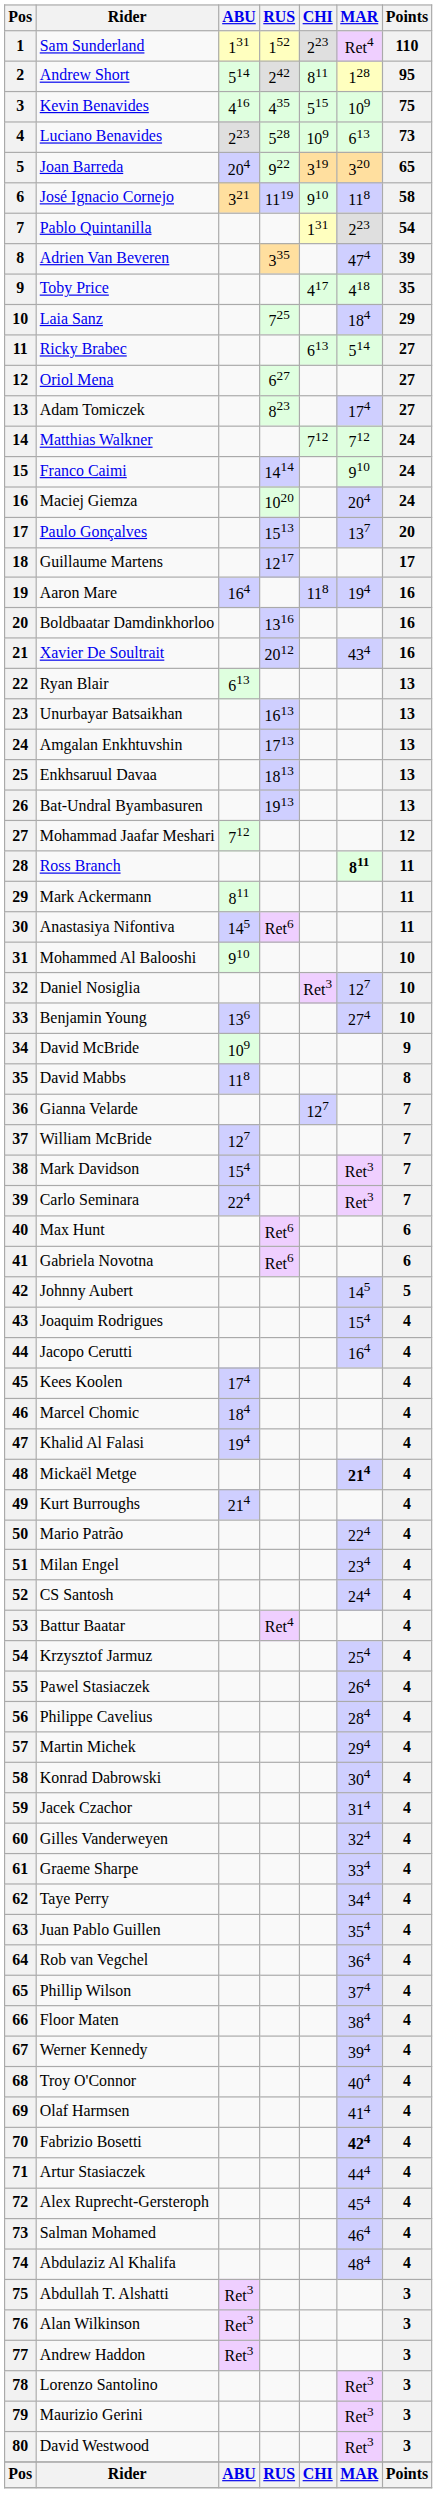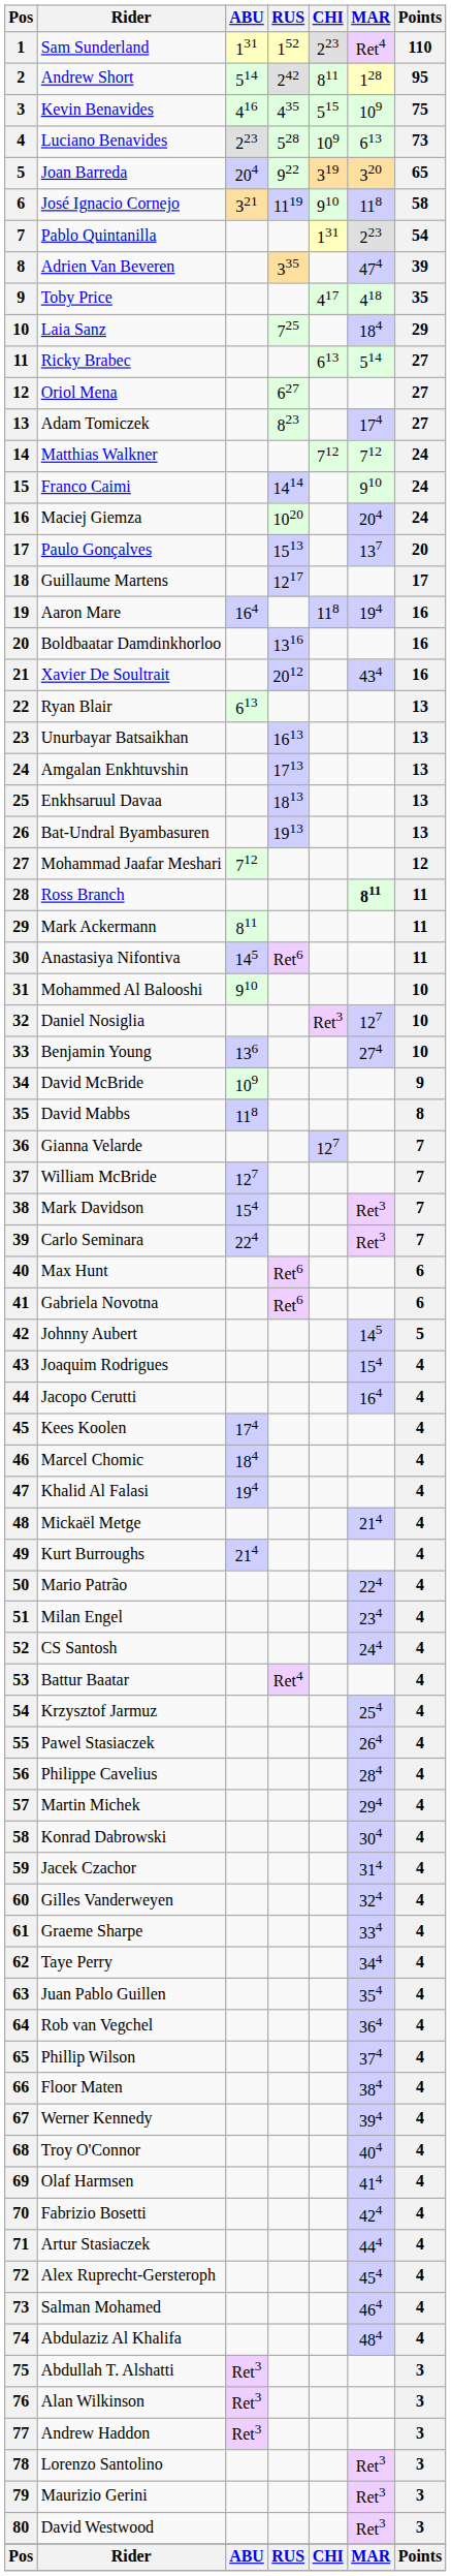 <table class="wikitable" style="font-size: 85%; text-align: center; display: inline-table;">
 <tr valign="top">
 <th valign="middle">Pos</th>
 <th valign="middle">Rider</th>
 <th><a href='#'>ABU</a><br></th>
 <th><a href='#'>RUS</a><br></th>
 <th><a href='#'>CHI</a><br></th>
 <th><a href='#'>MAR</a><br></th>
 <th valign="middle">Points</th>
 </tr>
 <tr>
 <th>1</th>
 <td align=left> <a href='#'>Sam Sunderland</a></td>
 <td style="background:#ffffbf;">1<sup>31</sup></td>
 <td style="background:#ffffbf;">1<sup>52</sup></td>
 <td style="background:#dfdfdf;">2<sup>23</sup></td>
 <td style="background:#efcfff;">Ret<sup>4</sup></td>
 <th>110</th>
 </tr>
 <tr>
 <th>2</th>
 <td align=left> <a href='#'>Andrew Short</a></td>
 <td style="background:#dfffdf;">5<sup>14</sup></td>
 <td style="background:#dfdfdf;">2<sup>42</sup></td>
 <td style="background:#dfffdf;">8<sup>11</sup></td>
 <td style="background:#ffffbf;">1<sup>28</sup></td>
 <th>95</th>
 </tr>
 <tr>
 <th>3</th>
 <td align=left> <a href='#'>Kevin Benavides</a></td>
 <td style="background:#dfffdf;">4<sup>16</sup></td>
 <td style="background:#dfffdf;">4<sup>35</sup></td>
 <td style="background:#dfffdf;">5<sup>15</sup></td>
 <td style="background:#dfffdf;">10<sup>9</sup></td>
 <th>75</th>
 </tr>
 <tr>
 <th>4</th>
 <td align=left> <a href='#'>Luciano Benavides</a></td>
 <td style="background:#dfdfdf;">2<sup>23</sup></td>
 <td style="background:#dfffdf;">5<sup>28</sup></td>
 <td style="background:#dfffdf;">10<sup>9</sup></td>
 <td style="background:#dfffdf;">6<sup>13</sup></td>
 <th>73</th>
 </tr>
 <tr>
 <th>5</th>
 <td align=left> <a href='#'>Joan Barreda</a></td>
 <td style="background:#cfcfff;">20<sup>4</sup></td>
 <td style="background:#dfffdf;">9<sup>22</sup></td>
 <td style="background:#ffdf9f;">3<sup>19</sup></td>
 <td style="background:#ffdf9f;">3<sup>20</sup></td>
 <th>65</th>
 </tr>
 <tr>
 <th>6</th>
 <td align=left> <a href='#'>José Ignacio Cornejo</a></td>
 <td style="background:#ffdf9f;">3<sup>21</sup></td>
 <td style="background:#cfcfff;">11<sup>19</sup></td>
 <td style="background:#dfffdf;">9<sup>10</sup></td>
 <td style="background:#cfcfff;">11<sup>8</sup></td>
 <th>58</th>
 </tr>
 <tr>
 <th>7</th>
 <td align=left> <a href='#'>Pablo Quintanilla</a></td>
 <td></td>
 <td></td>
 <td style="background:#ffffbf;">1<sup>31</sup></td>
 <td style="background:#dfdfdf;">2<sup>23</sup></td>
 <th>54</th>
 </tr>
 <tr>
 <th>8</th>
 <td align=left> <a href='#'>Adrien Van Beveren</a></td>
 <td></td>
 <td style="background:#ffdf9f;">3<sup>35</sup></td>
 <td></td>
 <td style="background:#cfcfff;">47<sup>4</sup></td>
 <th>39</th>
 </tr>
 <tr>
 <th>9</th>
 <td align=left> <a href='#'>Toby Price</a></td>
 <td></td>
 <td></td>
 <td style="background:#dfffdf;">4<sup>17</sup></td>
 <td style="background:#dfffdf;">4<sup>18</sup></td>
 <th>35</th>
 </tr>
 <tr>
 <th>10</th>
 <td align=left> <a href='#'>Laia Sanz</a></td>
 <td></td>
 <td style="background:#dfffdf;">7<sup>25</sup></td>
 <td></td>
 <td style="background:#cfcfff;">18<sup>4</sup></td>
 <th>29</th>
 </tr>
 <tr>
 <th>11</th>
 <td align=left> <a href='#'>Ricky Brabec</a></td>
 <td></td>
 <td></td>
 <td style="background:#dfffdf;">6<sup>13</sup></td>
 <td style="background:#dfffdf;">5<sup>14</sup></td>
 <th>27</th>
 </tr>
 <tr>
 <th>12</th>
 <td align=left> <a href='#'>Oriol Mena</a></td>
 <td></td>
 <td style="background:#dfffdf;">6<sup>27</sup></td>
 <td></td>
 <td></td>
 <th>27</th>
 </tr>
 <tr>
 <th>13</th>
 <td align=left> Adam Tomiczek</td>
 <td></td>
 <td style="background:#dfffdf;">8<sup>23</sup></td>
 <td></td>
 <td style="background:#cfcfff;">17<sup>4</sup></td>
 <th>27</th>
 </tr>
 <tr>
 <th>14</th>
 <td align=left> <a href='#'>Matthias Walkner</a></td>
 <td></td>
 <td></td>
 <td style="background:#dfffdf;">7<sup>12</sup></td>
 <td style="background:#dfffdf;">7<sup>12</sup></td>
 <th>24</th>
 </tr>
 <tr>
 <th>15</th>
 <td align=left> <a href='#'>Franco Caimi</a></td>
 <td></td>
 <td style="background:#cfcfff;">14<sup>14</sup></td>
 <td></td>
 <td style="background:#dfffdf;">9<sup>10</sup></td>
 <th>24</th>
 </tr>
 <tr>
 <th>16</th>
 <td align=left> Maciej Giemza</td>
 <td></td>
 <td style="background:#dfffdf;">10<sup>20</sup></td>
 <td></td>
 <td style="background:#cfcfff;">20<sup>4</sup></td>
 <th>24</th>
 </tr>
 <tr>
 <th>17</th>
 <td align=left> <a href='#'>Paulo Gonçalves</a></td>
 <td></td>
 <td style="background:#cfcfff;">15<sup>13</sup></td>
 <td></td>
 <td style="background:#cfcfff;">13<sup>7</sup></td>
 <th>20</th>
 </tr>
 <tr>
 <th>18</th>
 <td align=left> Guillaume Martens</td>
 <td></td>
 <td style="background:#cfcfff;">12<sup>17</sup></td>
 <td></td>
 <td></td>
 <th>17</th>
 </tr>
 <tr>
 <th>19</th>
 <td align=left> Aaron Mare</td>
 <td style="background:#cfcfff;">16<sup>4</sup></td>
 <td></td>
 <td style="background:#cfcfff;">11<sup>8</sup></td>
 <td style="background:#cfcfff;">19<sup>4</sup></td>
 <th>16</th>
 </tr>
 <tr>
 <th>20</th>
 <td align=left> Boldbaatar Damdinkhorloo</td>
 <td></td>
 <td style="background:#cfcfff;">13<sup>16</sup></td>
 <td></td>
 <td></td>
 <th>16</th>
 </tr>
 <tr>
 <th>21</th>
 <td align=left> <a href='#'>Xavier De Soultrait</a></td>
 <td></td>
 <td style="background:#cfcfff;">20<sup>12</sup></td>
 <td></td>
 <td style="background:#cfcfff;">43<sup>4</sup></td>
 <th>16</th>
 </tr>
 <tr>
 <th>22</th>
 <td align=left> Ryan Blair</td>
 <td style="background:#dfffdf;">6<sup>13</sup></td>
 <td></td>
 <td></td>
 <td></td>
 <th>13</th>
 </tr>
 <tr>
 <th>23</th>
 <td align=left> Unurbayar Batsaikhan</td>
 <td></td>
 <td style="background:#cfcfff;">16<sup>13</sup></td>
 <td></td>
 <td></td>
 <th>13</th>
 </tr>
 <tr>
 <th>24</th>
 <td align=left> Amgalan Enkhtuvshin</td>
 <td></td>
 <td style="background:#cfcfff;">17<sup>13</sup></td>
 <td></td>
 <td></td>
 <th>13</th>
 </tr>
 <tr>
 <th>25</th>
 <td align=left> Enkhsaruul Davaa</td>
 <td></td>
 <td style="background:#cfcfff;">18<sup>13</sup></td>
 <td></td>
 <td></td>
 <th>13</th>
 </tr>
 <tr>
 <th>26</th>
 <td align=left> Bat-Undral Byambasuren</td>
 <td></td>
 <td style="background:#cfcfff;">19<sup>13</sup></td>
 <td></td>
 <td></td>
 <th>13</th>
 </tr>
 <tr>
 <th>27</th>
 <td align=left> Mohammad Jaafar Meshari</td>
 <td style="background:#dfffdf;">7<sup>12</sup></td>
 <td></td>
 <td></td>
 <td></td>
 <th>12</th>
 </tr>
 <tr>
 <th>28</th>
 <td align=left> <a href='#'>Ross Branch</a></td>
 <td></td>
 <td></td>
 <td></td>
 <td style="background:#dfffdf;"><strong>8<sup>11</sup></strong></td>
 <th>11</th>
 </tr>
 <tr>
 <th>29</th>
 <td align=left> Mark Ackermann</td>
 <td style="background:#dfffdf;">8<sup>11</sup></td>
 <td></td>
 <td></td>
 <td></td>
 <th>11</th>
 </tr>
 <tr>
 <th>30</th>
 <td align=left> Anastasiya Nifontiva</td>
 <td style="background:#cfcfff;">14<sup>5</sup></td>
 <td style="background:#efcfff;">Ret<sup>6</sup></td>
 <td></td>
 <td></td>
 <th>11</th>
 </tr>
 <tr>
 <th>31</th>
 <td align=left> Mohammed Al Balooshi</td>
 <td style="background:#dfffdf;">9<sup>10</sup></td>
 <td></td>
 <td></td>
 <td></td>
 <th>10</th>
 </tr>
 <tr>
 <th>32</th>
 <td align=left> Daniel Nosiglia</td>
 <td></td>
 <td></td>
 <td style="background:#efcfff;">Ret<sup>3</sup></td>
 <td style="background:#cfcfff;">12<sup>7</sup></td>
 <th>10</th>
 </tr>
 <tr>
 <th>33</th>
 <td align=left> Benjamin Young</td>
 <td style="background:#cfcfff;">13<sup>6</sup></td>
 <td></td>
 <td></td>
 <td style="background:#cfcfff;">27<sup>4</sup></td>
 <th>10</th>
 </tr>
 <tr>
 <th>34</th>
 <td align=left> David McBride</td>
 <td style="background:#dfffdf;">10<sup>9</sup></td>
 <td></td>
 <td></td>
 <td></td>
 <th>9</th>
 </tr>
 <tr>
 <th>35</th>
 <td align=left> David Mabbs</td>
 <td style="background:#cfcfff;">11<sup>8</sup></td>
 <td></td>
 <td></td>
 <td></td>
 <th>8</th>
 </tr>
 <tr>
 <th>36</th>
 <td align=left> Gianna Velarde</td>
 <td></td>
 <td></td>
 <td style="background:#cfcfff;">12<sup>7</sup></td>
 <td></td>
 <th>7</th>
 </tr>
 <tr>
 <th>37</th>
 <td align=left> William McBride</td>
 <td style="background:#cfcfff;">12<sup>7</sup></td>
 <td></td>
 <td></td>
 <td></td>
 <th>7</th>
 </tr>
 <tr>
 <th>38</th>
 <td align=left> Mark Davidson</td>
 <td style="background:#cfcfff;">15<sup>4</sup></td>
 <td></td>
 <td></td>
 <td style="background:#efcfff;">Ret<sup>3</sup></td>
 <th>7</th>
 </tr>
 <tr>
 <th>39</th>
 <td align=left> Carlo Seminara</td>
 <td style="background:#cfcfff;">22<sup>4</sup></td>
 <td></td>
 <td></td>
 <td style="background:#efcfff;">Ret<sup>3</sup></td>
 <th>7</th>
 </tr>
 <tr>
 <th>40</th>
 <td align=left> Max Hunt</td>
 <td></td>
 <td style="background:#efcfff;">Ret<sup>6</sup></td>
 <td></td>
 <td></td>
 <th>6</th>
 </tr>
 <tr>
 <th>41</th>
 <td align=left> Gabriela Novotna</td>
 <td></td>
 <td style="background:#efcfff;">Ret<sup>6</sup></td>
 <td></td>
 <td></td>
 <th>6</th>
 </tr>
 <tr>
 <th>42</th>
 <td align=left> Johnny Aubert</td>
 <td></td>
 <td></td>
 <td></td>
 <td style="background:#cfcfff;">14<sup>5</sup></td>
 <th>5</th>
 </tr>
 <tr>
 <th>43</th>
 <td align=left> Joaquim Rodrigues</td>
 <td></td>
 <td></td>
 <td></td>
 <td style="background:#cfcfff;">15<sup>4</sup></td>
 <th>4</th>
 </tr>
 <tr>
 <th>44</th>
 <td align=left> Jacopo Cerutti</td>
 <td></td>
 <td></td>
 <td></td>
 <td style="background:#cfcfff;">16<sup>4</sup></td>
 <th>4</th>
 </tr>
 <tr>
 <th>45</th>
 <td align=left> Kees Koolen</td>
 <td style="background:#cfcfff;">17<sup>4</sup></td>
 <td></td>
 <td></td>
 <td></td>
 <th>4</th>
 </tr>
 <tr>
 <th>46</th>
 <td align=left> Marcel Chomic</td>
 <td style="background:#cfcfff;">18<sup>4</sup></td>
 <td></td>
 <td></td>
 <td></td>
 <th>4</th>
 </tr>
 <tr>
 <th>47</th>
 <td align=left> Khalid Al Falasi</td>
 <td style="background:#cfcfff;">19<sup>4</sup></td>
 <td></td>
 <td></td>
 <td></td>
 <th>4</th>
 </tr>
 <tr>
 <th>48</th>
 <td align=left> Mickaël Metge</td>
 <td></td>
 <td></td>
 <td></td>
-<td style="background:#cfcfff;"><strong>21<sup>4</sup></strong></td>
+<td style="background:#cfcfff;">21<sup>4</sup></td>
 <th>4</th>
 </tr>
 <tr>
 <th>49</th>
 <td align=left> Kurt Burroughs</td>
 <td style="background:#cfcfff;">21<sup>4</sup></td>
 <td></td>
 <td></td>
 <td></td>
 <th>4</th>
 </tr>
 <tr>
 <th>50</th>
 <td align=left> Mario Patrão</td>
 <td></td>
 <td></td>
 <td></td>
 <td style="background:#cfcfff;">22<sup>4</sup></td>
 <th>4</th>
 </tr>
 <tr>
 <th>51</th>
 <td align=left> Milan Engel</td>
 <td></td>
 <td></td>
 <td></td>
 <td style="background:#cfcfff;">23<sup>4</sup></td>
 <th>4</th>
 </tr>
 <tr>
 <th>52</th>
 <td align=left> CS Santosh</td>
 <td></td>
 <td></td>
 <td></td>
 <td style="background:#cfcfff;">24<sup>4</sup></td>
 <th>4</th>
 </tr>
 <tr>
 <th>53</th>
 <td align=left> Battur Baatar</td>
 <td></td>
 <td style="background:#efcfff;">Ret<sup>4</sup></td>
 <td></td>
 <td></td>
 <th>4</th>
 </tr>
 <tr>
 <th>54</th>
 <td align=left> Krzysztof Jarmuz</td>
 <td></td>
 <td></td>
 <td></td>
 <td style="background:#cfcfff;">25<sup>4</sup></td>
 <th>4</th>
 </tr>
 <tr>
 <th>55</th>
 <td align=left> Pawel Stasiaczek</td>
 <td></td>
 <td></td>
 <td></td>
 <td style="background:#cfcfff;">26<sup>4</sup></td>
 <th>4</th>
 </tr>
 <tr>
 <th>56</th>
 <td align=left> Philippe Cavelius</td>
 <td></td>
 <td></td>
 <td></td>
 <td style="background:#cfcfff;">28<sup>4</sup></td>
 <th>4</th>
 </tr>
 <tr>
 <th>57</th>
 <td align=left> Martin Michek</td>
 <td></td>
 <td></td>
 <td></td>
 <td style="background:#cfcfff;">29<sup>4</sup></td>
 <th>4</th>
 </tr>
 <tr>
 <th>58</th>
 <td align=left> Konrad Dabrowski</td>
 <td></td>
 <td></td>
 <td></td>
 <td style="background:#cfcfff;">30<sup>4</sup></td>
 <th>4</th>
 </tr>
 <tr>
 <th>59</th>
 <td align=left> Jacek Czachor</td>
 <td></td>
 <td></td>
 <td></td>
 <td style="background:#cfcfff;">31<sup>4</sup></td>
 <th>4</th>
 </tr>
 <tr>
 <th>60</th>
 <td align=left> Gilles Vanderweyen</td>
 <td></td>
 <td></td>
 <td></td>
 <td style="background:#cfcfff;">32<sup>4</sup></td>
 <th>4</th>
 </tr>
 <tr>
 <th>61</th>
 <td align=left> Graeme Sharpe</td>
 <td></td>
 <td></td>
 <td></td>
 <td style="background:#cfcfff;">33<sup>4</sup></td>
 <th>4</th>
 </tr>
 <tr>
 <th>62</th>
 <td align=left> Taye Perry</td>
 <td></td>
 <td></td>
 <td></td>
 <td style="background:#cfcfff;">34<sup>4</sup></td>
 <th>4</th>
 </tr>
 <tr>
 <th>63</th>
 <td align=left> Juan Pablo Guillen</td>
 <td></td>
 <td></td>
 <td></td>
 <td style="background:#cfcfff;">35<sup>4</sup></td>
 <th>4</th>
 </tr>
 <tr>
 <th>64</th>
 <td align=left> Rob van Vegchel</td>
 <td></td>
 <td></td>
 <td></td>
 <td style="background:#cfcfff;">36<sup>4</sup></td>
 <th>4</th>
 </tr>
 <tr>
 <th>65</th>
 <td align=left> Phillip Wilson</td>
 <td></td>
 <td></td>
 <td></td>
 <td style="background:#cfcfff;">37<sup>4</sup></td>
 <th>4</th>
 </tr>
 <tr>
 <th>66</th>
 <td align=left> Floor Maten</td>
 <td></td>
 <td></td>
 <td></td>
 <td style="background:#cfcfff;">38<sup>4</sup></td>
 <th>4</th>
 </tr>
 <tr>
 <th>67</th>
 <td align=left> Werner Kennedy</td>
 <td></td>
 <td></td>
 <td></td>
 <td style="background:#cfcfff;">39<sup>4</sup></td>
 <th>4</th>
 </tr>
 <tr>
 <th>68</th>
 <td align=left> Troy O'Connor</td>
 <td></td>
 <td></td>
 <td></td>
 <td style="background:#cfcfff;">40<sup>4</sup></td>
 <th>4</th>
 </tr>
 <tr>
 <th>69</th>
 <td align=left> Olaf Harmsen</td>
 <td></td>
 <td></td>
 <td></td>
 <td style="background:#cfcfff;">41<sup>4</sup></td>
 <th>4</th>
 </tr>
 <tr>
 <th>70</th>
 <td align=left> Fabrizio Bosetti</td>
 <td></td>
 <td></td>
 <td></td>
-<td style="background:#cfcfff;"><strong>42<sup>4</sup></strong></td>
+<td style="background:#cfcfff;">42<sup>4</sup></td>
 <th>4</th>
 </tr>
 <tr>
 <th>71</th>
 <td align=left> Artur Stasiaczek</td>
 <td></td>
 <td></td>
 <td></td>
 <td style="background:#cfcfff;">44<sup>4</sup></td>
 <th>4</th>
 </tr>
 <tr>
 <th>72</th>
 <td align=left> Alex Ruprecht-Gersteroph</td>
 <td></td>
 <td></td>
 <td></td>
 <td style="background:#cfcfff;">45<sup>4</sup></td>
 <th>4</th>
 </tr>
 <tr>
 <th>73</th>
 <td align=left> Salman Mohamed</td>
 <td></td>
 <td></td>
 <td></td>
 <td style="background:#cfcfff;">46<sup>4</sup></td>
 <th>4</th>
 </tr>
 <tr>
 <th>74</th>
 <td align=left> Abdulaziz Al Khalifa</td>
 <td></td>
 <td></td>
 <td></td>
 <td style="background:#cfcfff;">48<sup>4</sup></td>
 <th>4</th>
 </tr>
 <tr>
 <th>75</th>
 <td align=left> Abdullah T. Alshatti</td>
 <td style="background:#efcfff;">Ret<sup>3</sup></td>
 <td></td>
 <td></td>
 <td></td>
 <th>3</th>
 </tr>
 <tr>
 <th>76</th>
 <td align=left> Alan Wilkinson</td>
 <td style="background:#efcfff;">Ret<sup>3</sup></td>
 <td></td>
 <td></td>
 <td></td>
 <th>3</th>
 </tr>
 <tr>
 <th>77</th>
 <td align=left> Andrew Haddon</td>
 <td style="background:#efcfff;">Ret<sup>3</sup></td>
 <td></td>
 <td></td>
 <td></td>
 <th>3</th>
 </tr>
 <tr>
 <th>78</th>
 <td align=left> Lorenzo Santolino</td>
 <td></td>
 <td></td>
 <td></td>
 <td style="background:#efcfff;">Ret<sup>3</sup></td>
 <th>3</th>
 </tr>
 <tr>
 <th>79</th>
 <td align=left> Maurizio Gerini</td>
 <td></td>
 <td></td>
 <td></td>
 <td style="background:#efcfff;">Ret<sup>3</sup></td>
 <th>3</th>
 </tr>
 <tr>
 <th>80</th>
 <td align=left> David Westwood</td>
 <td></td>
 <td></td>
 <td></td>
 <td style="background:#efcfff;">Ret<sup>3</sup></td>
 <th>3</th>
 </tr>
 <tr>
 </tr>
 <tr valign="top">
 <th valign="middle">Pos</th>
 <th valign="middle">Rider</th>
 <th><a href='#'>ABU</a><br></th>
 <th><a href='#'>RUS</a><br></th>
 <th><a href='#'>CHI</a><br></th>
 <th><a href='#'>MAR</a><br></th>
 <th valign="middle">Points</th>
 </tr>
 <tr>
 </tr>
 </table>
